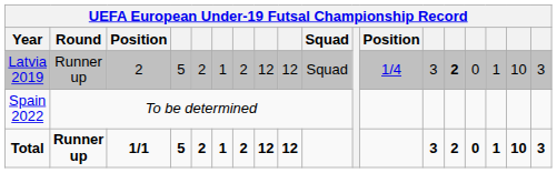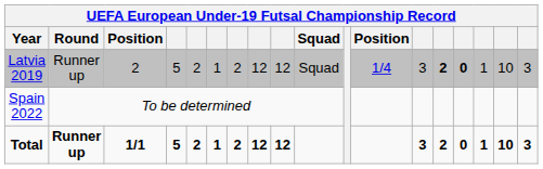 <table class="wikitable" style="text-align: center;">
 <tr>
 <th colspan="18"><a href='#'>UEFA European Under-19 Futsal Championship Record</a></th>
 </tr>
 <tr>
 <th>Year</th>
 <th>Round</th>
 <th>Position</th>
 <th width="20"></th>
 <th width="20"></th>
 <th width="20"></th>
 <th width="20"></th>
 <th width="20"></th>
 <th width="20"></th>
 <th>Squad</th>
 <th rowspan="4" width="1"></th>
 <th>Position</th>
 <th width="20"></th>
 <th width="20"></th>
 <th width="20"></th>
 <th width="20"></th>
 <th width="20"></th>
 <th width="20"></th>
 </tr>
 <tr bgcolor="silver">
 <td><a href='#'>Latvia 2019</a></td>
 <td>Runner up</td>
 <td>2</td>
 <td>5</td>
 <td>2</td>
 <td>1</td>
 <td>2</td>
 <td>12</td>
 <td>12</td>
 <td>Squad</td>
 <td><a href='#'>1/4</a></td>
 <td>3</td>
 <td><strong>2</strong></td>
-<td>0</td>
+<td><strong>0</strong></td>
 <td>1</td>
 <td>10</td>
 <td>3</td>
 </tr>
 <tr>
 <td><a href='#'>Spain 2022</a></td>
 <td colspan="9" rowspan="1"><em>To be determined</em></td>
 <td></td>
 <td></td>
 <td></td>
 <td></td>
 <td></td>
 <td></td>
 <td></td>
 </tr>
 <tr>
 <td><strong>Total</strong></td>
 <td><strong>Runner up</strong></td>
 <td><strong>1/1</strong></td>
 <td><strong>5</strong></td>
 <td><strong>2</strong></td>
 <td><strong>1</strong></td>
 <td><strong>2</strong></td>
 <td><strong>12</strong></td>
 <td><strong>12</strong></td>
 <td></td>
 <td></td>
 <td><strong>3</strong></td>
 <td><strong>2</strong></td>
 <td><strong>0</strong></td>
 <td><strong>1</strong></td>
 <td><strong>10</strong></td>
 <td><strong>3</strong></td>
 </tr>
 </table>
